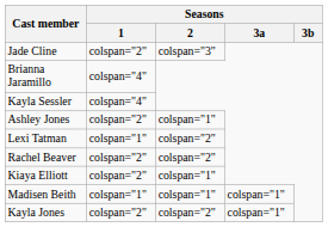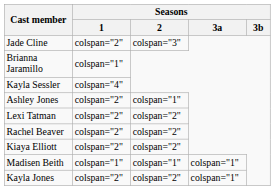 <table class="wikitable plainrowheaders" width="70%">
 <tr>
 <th scope="col" rowspan="2" style="width:20%;">Cast member</th>
 <th scope="col" colspan="4">Seasons</th>
 </tr>
 <tr>
 <th scope="col" style="width:7%;">1</th>
 <th scope="col" style="width:7%;">2</th>
 <th scope="col" style="width:7%;">3a</th>
 <th scope="col" style="width:7%;">3b</th>
 </tr>
 <tr>
 <td scope="row">Jade Cline</td>
 <td>colspan="2" </td>
 <td>colspan="3" </td>
 </tr>
 <tr>
 <td scope="row">Brianna Jaramillo</td>
-<td>colspan="4" </td>
+<td>colspan="1" </td>
 </tr>
 <tr>
 <td scope="row">Kayla Sessler</td>
 <td>colspan="4" </td>
 </tr>
 <tr>
 <td scope="row">Ashley Jones</td>
 <td>colspan="2" </td>
 <td>colspan="1" </td>
 </tr>
 <tr>
 <td scope="row">Lexi Tatman</td>
-<td>colspan="1" </td>
+<td>colspan="2" </td>
 <td>colspan="2" </td>
 </tr>
 <tr>
 <td scope="row">Rachel Beaver</td>
 <td>colspan="2" </td>
 <td>colspan="2" </td>
 </tr>
 <tr>
 <td scope="row">Kiaya Elliott</td>
 <td>colspan="2" </td>
-<td>colspan="1" </td>
+<td>colspan="2" </td>
 </tr>
 <tr>
 <td scope="row">Madisen Beith</td>
 <td>colspan="1" </td>
 <td>colspan="1" </td>
 <td>colspan="1" </td>
 </tr>
 <tr>
 <td scope="row">Kayla Jones</td>
 <td>colspan="2" </td>
 <td>colspan="2" </td>
 <td>colspan="1" </td>
 </tr>
 </table>
